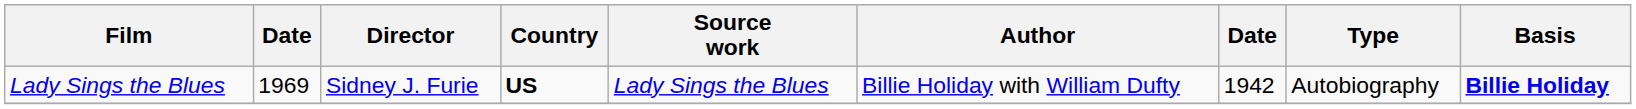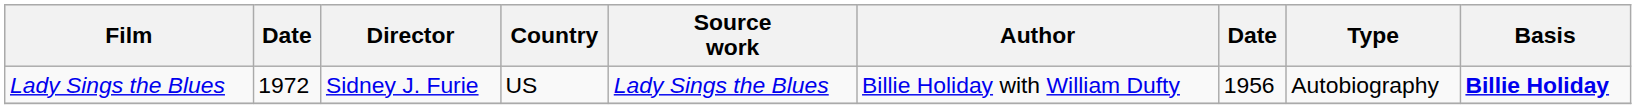 <table class="wikitable" style=width:90%>
 <tr bgcolor="#CCCCCC">
 <th>Film</th>
 <th>Date</th>
 <th>Director</th>
 <th>Country</th>
 <th>Source<br>work</th>
 <th>Author</th>
 <th>Date</th>
 <th>Type</th>
 <th>Basis</th>
 </tr>
 <tr>
 <td><em><a href='#'>Lady Sings the Blues</a></em></td>
-<td>1969</td>
+<td>1972</td>
 <td><a href='#'>Sidney J. Furie</a></td>
-<td><strong>US</strong></td>
+<td>US</td>
 <td><em><a href='#'>Lady Sings the Blues</a></em></td>
 <td><a href='#'>Billie Holiday</a> with <a href='#'>William Dufty</a></td>
-<td>1942</td>
+<td>1956</td>
 <td>Autobiography</td>
 <td><strong><a href='#'>Billie Holiday</a></strong></td>
 </tr>
 <tr>
 </tr>
 </table>
